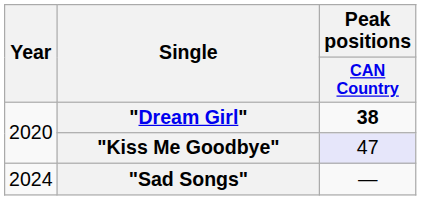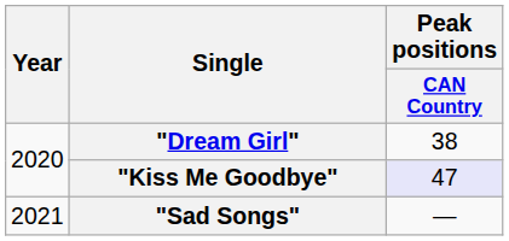 <table class="wikitable plainrowheaders" style="text-align:center;">
 <tr>
 <th rowspan="2">Year</th>
 <th rowspan="2" style="width:13em;">Single</th>
 <th>Peak<br>positions</th>
 </tr>
 <tr style="font-size:smaller;">
 <th><a href='#'>CAN<br>Country</a><br></th>
 </tr>
 <tr>
 <td rowspan="2">2020</td>
 <th scope="row">"<a href='#'>Dream Girl</a>"</th>
-<td><strong>38</strong></td>
+<td>38</td>
 </tr>
 <tr>
 <th scope="row">"Kiss Me Goodbye"</th>
 <td style="background: lavender;">47</td>
 </tr>
 <tr>
-<td>2024</td>
+<td>2021</td>
 <th scope="row">"Sad Songs"</th>
 <td>—</td>
 </tr>
 </table>
